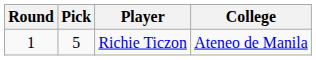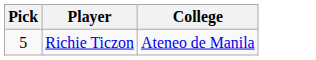 <table class="wikitable sortable sortable">
 <tr>
-<th>Round</th>
 <th>Pick</th>
 <th>Player</th>
 <th>College</th>
 </tr>
 <tr style="text-align: center">
-<td align="center">1</td>
 <td align="center">5</td>
 <td><a href='#'>Richie Ticzon</a></td>
 <td><a href='#'>Ateneo de Manila</a></td>
 </tr>
 </table>
